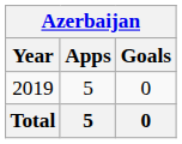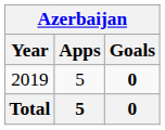 <table class="wikitable" style="text-align:center">
 <tr>
 <th colspan=3><a href='#'>Azerbaijan</a></th>
 </tr>
 <tr>
 <th>Year</th>
 <th>Apps</th>
 <th>Goals</th>
 </tr>
 <tr>
 <td>2019</td>
 <td>5</td>
-<td>0</td>
+<td><strong>0</strong></td>
 </tr>
 <tr>
 <th>Total</th>
 <th>5</th>
 <th>0</th>
 </tr>
 </table>
